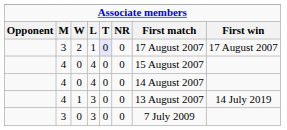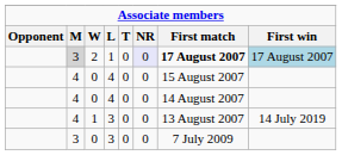 <table class="wikitable" style="text-align: center;">
 <tr>
 </tr>
 <tr>
 <td colspan="30" style="text-align: center;"><strong><a href='#'>Associate members</a></strong></td>
 </tr>
 <tr>
 <th>Opponent</th>
 <th>M</th>
 <th>W</th>
 <th>L</th>
 <th>T</th>
 <th>NR</th>
 <th>First match</th>
 <th>First win</th>
 </tr>
 <tr>
 <td></td>
-<td>3</td>
+<td style="background: lightgrey;">3</td>
 <td>2</td>
 <td>1</td>
+<td>0</td>
 <td style="background: lavender;">0</td>
-<td>0</td>
-<td>17 August 2007</td>
-<td>17 August 2007</td>
+<td><strong>17 August 2007</strong></td>
+<td style="background: lightblue;">17 August 2007</td>
 </tr>
 <tr>
 <td></td>
 <td>4</td>
 <td>0</td>
 <td>4</td>
 <td>0</td>
 <td>0</td>
 <td>15 August 2007</td>
 <td></td>
 </tr>
 <tr>
 <td></td>
 <td>4</td>
 <td>0</td>
 <td>4</td>
 <td>0</td>
 <td>0</td>
 <td>14 August 2007</td>
 <td></td>
 </tr>
 <tr>
 <td></td>
 <td>4</td>
 <td>1</td>
 <td>3</td>
 <td>0</td>
 <td>0</td>
 <td>13 August 2007</td>
 <td>14 July 2019</td>
 </tr>
 <tr>
 <td></td>
 <td>3</td>
 <td>0</td>
 <td>3</td>
 <td>0</td>
 <td>0</td>
 <td>7 July 2009</td>
 <td></td>
 </tr>
 </table>
